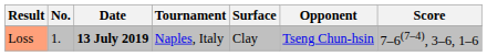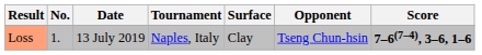 <table class=wikitable style=font-size:100%>
 <tr>
 <th>Result</th>
 <th>No.</th>
 <th>Date</th>
 <th>Tournament</th>
 <th>Surface</th>
 <th>Opponent</th>
 <th>Score</th>
 </tr>
 <tr>
 </tr>
 <tr bgcolor=silver>
 <td bgcolor=ffa07a>Loss</td>
 <td>1.</td>
-<td><strong>13 July 2019</strong></td>
+<td>13 July 2019</td>
 <td><a href='#'>Naples</a>, Italy</td>
 <td>Clay</td>
 <td> <a href='#'>Tseng Chun-hsin</a></td>
-<td>7–6<sup>(7–4)</sup>, 3–6, 1–6</td>
+<td><strong>7–6<sup>(7–4)</sup>, 3–6, 1–6</strong></td>
 </tr>
 </table>
